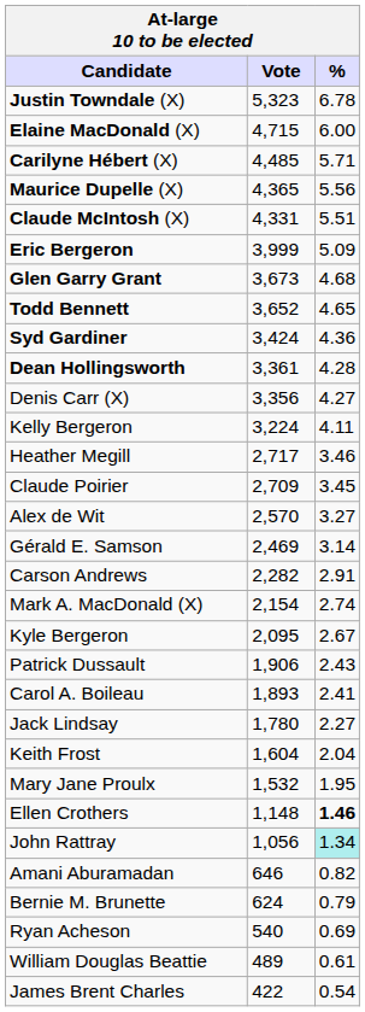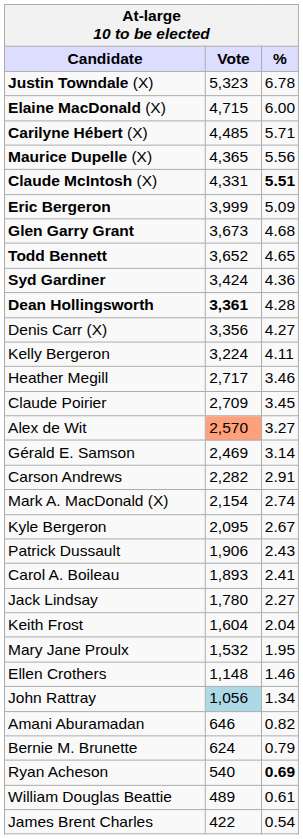 <table class=wikitable>
 <tr>
 <th colspan="3">At-large <br> <em>10 to be elected</em></th>
 </tr>
 <tr>
 <th style="background:#ddf; width:200px;">Candidate</th>
 <th style="background:#ddf; width:50px;">Vote</th>
 <th style="background:#ddf; width:30px;">%</th>
 </tr>
 <tr>
 <td><strong>Justin Towndale</strong> (X)</td>
 <td>5,323</td>
 <td>6.78</td>
 </tr>
 <tr>
 <td><strong>Elaine MacDonald</strong> (X)</td>
 <td>4,715</td>
 <td>6.00</td>
 </tr>
 <tr>
 <td><strong>Carilyne Hébert</strong> (X)</td>
 <td>4,485</td>
 <td>5.71</td>
 </tr>
 <tr>
 <td><strong>Maurice Dupelle</strong> (X)</td>
 <td>4,365</td>
 <td>5.56</td>
 </tr>
 <tr>
 <td><strong>Claude McIntosh</strong> (X)</td>
 <td>4,331</td>
-<td>5.51</td>
+<td><strong>5.51</strong></td>
 </tr>
 <tr>
 <td><strong>Eric Bergeron</strong></td>
 <td>3,999</td>
 <td>5.09</td>
 </tr>
 <tr>
 <td><strong>Glen Garry Grant</strong></td>
 <td>3,673</td>
 <td>4.68</td>
 </tr>
 <tr>
 <td><strong>Todd Bennett</strong></td>
 <td>3,652</td>
 <td>4.65</td>
 </tr>
 <tr>
 <td><strong>Syd Gardiner</strong></td>
 <td>3,424</td>
 <td>4.36</td>
 </tr>
 <tr>
 <td><strong>Dean Hollingsworth</strong></td>
-<td>3,361</td>
+<td><strong>3,361</strong></td>
 <td>4.28</td>
 </tr>
 <tr>
 <td>Denis Carr (X)</td>
 <td>3,356</td>
 <td>4.27</td>
 </tr>
 <tr>
 <td>Kelly Bergeron</td>
 <td>3,224</td>
 <td>4.11</td>
 </tr>
 <tr>
 <td>Heather Megill</td>
 <td>2,717</td>
 <td>3.46</td>
 </tr>
 <tr>
 <td>Claude Poirier</td>
 <td>2,709</td>
 <td>3.45</td>
 </tr>
 <tr>
 <td>Alex de Wit</td>
-<td>2,570</td>
+<td style="background: lightsalmon;">2,570</td>
 <td>3.27</td>
 </tr>
 <tr>
 <td>Gérald E. Samson</td>
 <td>2,469</td>
 <td>3.14</td>
 </tr>
 <tr>
 <td>Carson Andrews</td>
 <td>2,282</td>
 <td>2.91</td>
 </tr>
 <tr>
 <td>Mark A. MacDonald (X)</td>
 <td>2,154</td>
 <td>2.74</td>
 </tr>
 <tr>
 <td>Kyle Bergeron</td>
 <td>2,095</td>
 <td>2.67</td>
 </tr>
 <tr>
 <td>Patrick Dussault</td>
 <td>1,906</td>
 <td>2.43</td>
 </tr>
 <tr>
 <td>Carol A. Boileau</td>
 <td>1,893</td>
 <td>2.41</td>
 </tr>
 <tr>
 <td>Jack Lindsay</td>
 <td>1,780</td>
 <td>2.27</td>
 </tr>
 <tr>
 <td>Keith Frost</td>
 <td>1,604</td>
 <td>2.04</td>
 </tr>
 <tr>
 <td>Mary Jane Proulx</td>
 <td>1,532</td>
 <td>1.95</td>
 </tr>
 <tr>
 <td>Ellen Crothers</td>
 <td>1,148</td>
-<td><strong>1.46</strong></td>
+<td>1.46</td>
 </tr>
 <tr>
 <td>John Rattray</td>
-<td>1,056</td>
-<td style="background: paleturquoise;">1.34</td>
+<td style="background: lightblue;">1,056</td>
+<td>1.34</td>
 </tr>
 <tr>
 <td>Amani Aburamadan</td>
 <td>646</td>
 <td>0.82</td>
 </tr>
 <tr>
 <td>Bernie M. Brunette</td>
 <td>624</td>
 <td>0.79</td>
 </tr>
 <tr>
 <td>Ryan Acheson</td>
 <td>540</td>
-<td>0.69</td>
+<td><strong>0.69</strong></td>
 </tr>
 <tr>
 <td>William Douglas Beattie</td>
 <td>489</td>
 <td>0.61</td>
 </tr>
 <tr>
 <td>James Brent Charles</td>
 <td>422</td>
 <td>0.54</td>
 </tr>
 </table>
